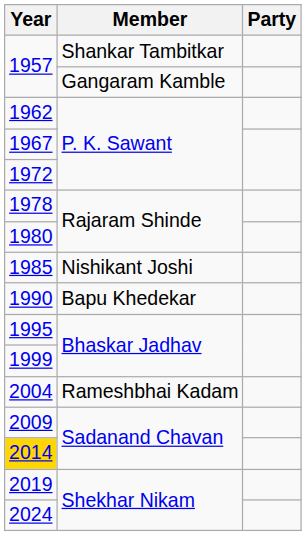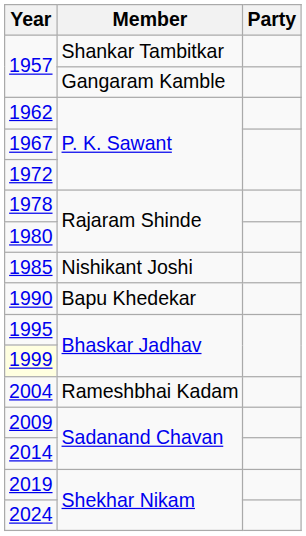 <table class="wikitable">
 <tr>
 <th>Year</th>
 <th>Member</th>
 <th colspan="2">Party</th>
 </tr>
 <tr>
 <td rowspan=2><a href='#'>1957</a></td>
 <td>Shankar Tambitkar</td>
 <td></td>
 </tr>
 <tr>
 <td>Gangaram Kamble</td>
 <td></td>
 </tr>
 <tr>
 <td><a href='#'>1962</a></td>
 <td rowspan="3"><a href='#'>P. K. Sawant</a></td>
 <td></td>
 </tr>
 <tr>
 <td><a href='#'>1967</a></td>
 </tr>
 <tr>
 <td><a href='#'>1972</a></td>
 </tr>
 <tr>
 <td><a href='#'>1978</a></td>
 <td rowspan=2>Rajaram Shinde</td>
 <td></td>
 </tr>
 <tr>
 <td><a href='#'>1980</a></td>
 </tr>
 <tr>
 <td><a href='#'>1985</a></td>
 <td>Nishikant Joshi</td>
 <td></td>
 </tr>
 <tr>
 <td><a href='#'>1990</a></td>
 <td>Bapu Khedekar</td>
 <td></td>
 </tr>
 <tr>
 <td><a href='#'>1995</a></td>
 <td rowspan=2><a href='#'>Bhaskar Jadhav</a></td>
 </tr>
 <tr>
-<td><a href='#'>1999</a></td>
+<td style="background: lightyellow;"><a href='#'>1999</a></td>
 </tr>
 <tr>
 <td><a href='#'>2004</a></td>
 <td>Rameshbhai Kadam</td>
 <td></td>
 </tr>
 <tr>
 <td><a href='#'>2009</a></td>
 <td rowspan=2><a href='#'>Sadanand Chavan</a></td>
 <td></td>
 </tr>
 <tr>
-<td style="background: gold;"><a href='#'>2014</a></td>
+<td><a href='#'>2014</a></td>
 </tr>
 <tr>
 <td><a href='#'>2019</a></td>
 <td Rowspan=2><a href='#'>Shekhar Nikam</a></td>
 <td></td>
 </tr>
 <tr>
 <td><a href='#'>2024</a></td>
 </tr>
 </table>
